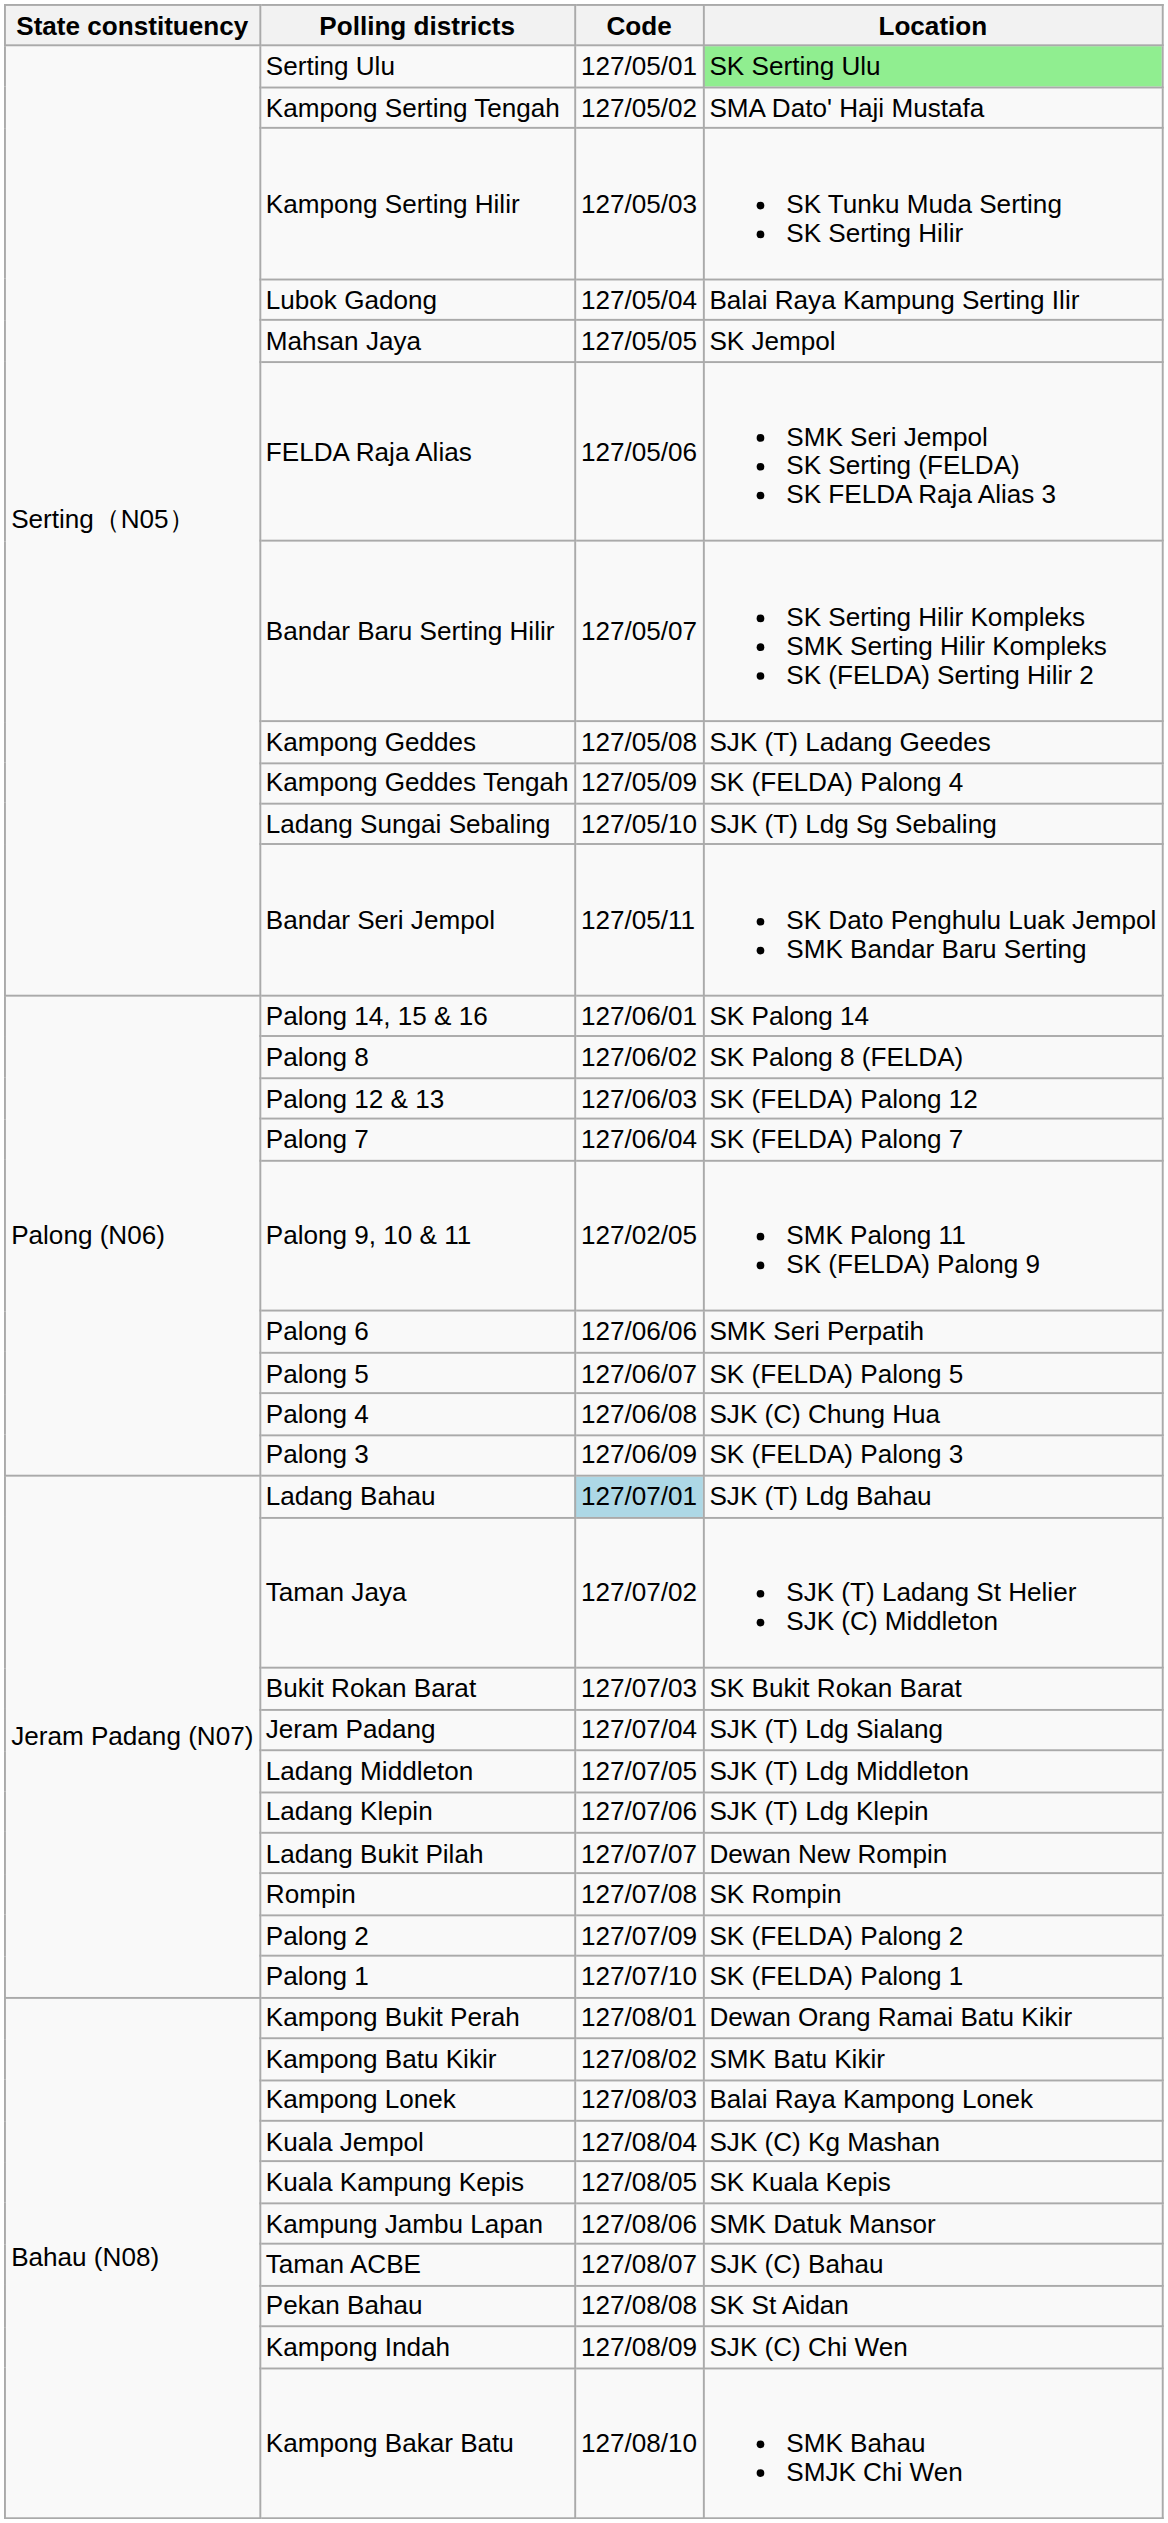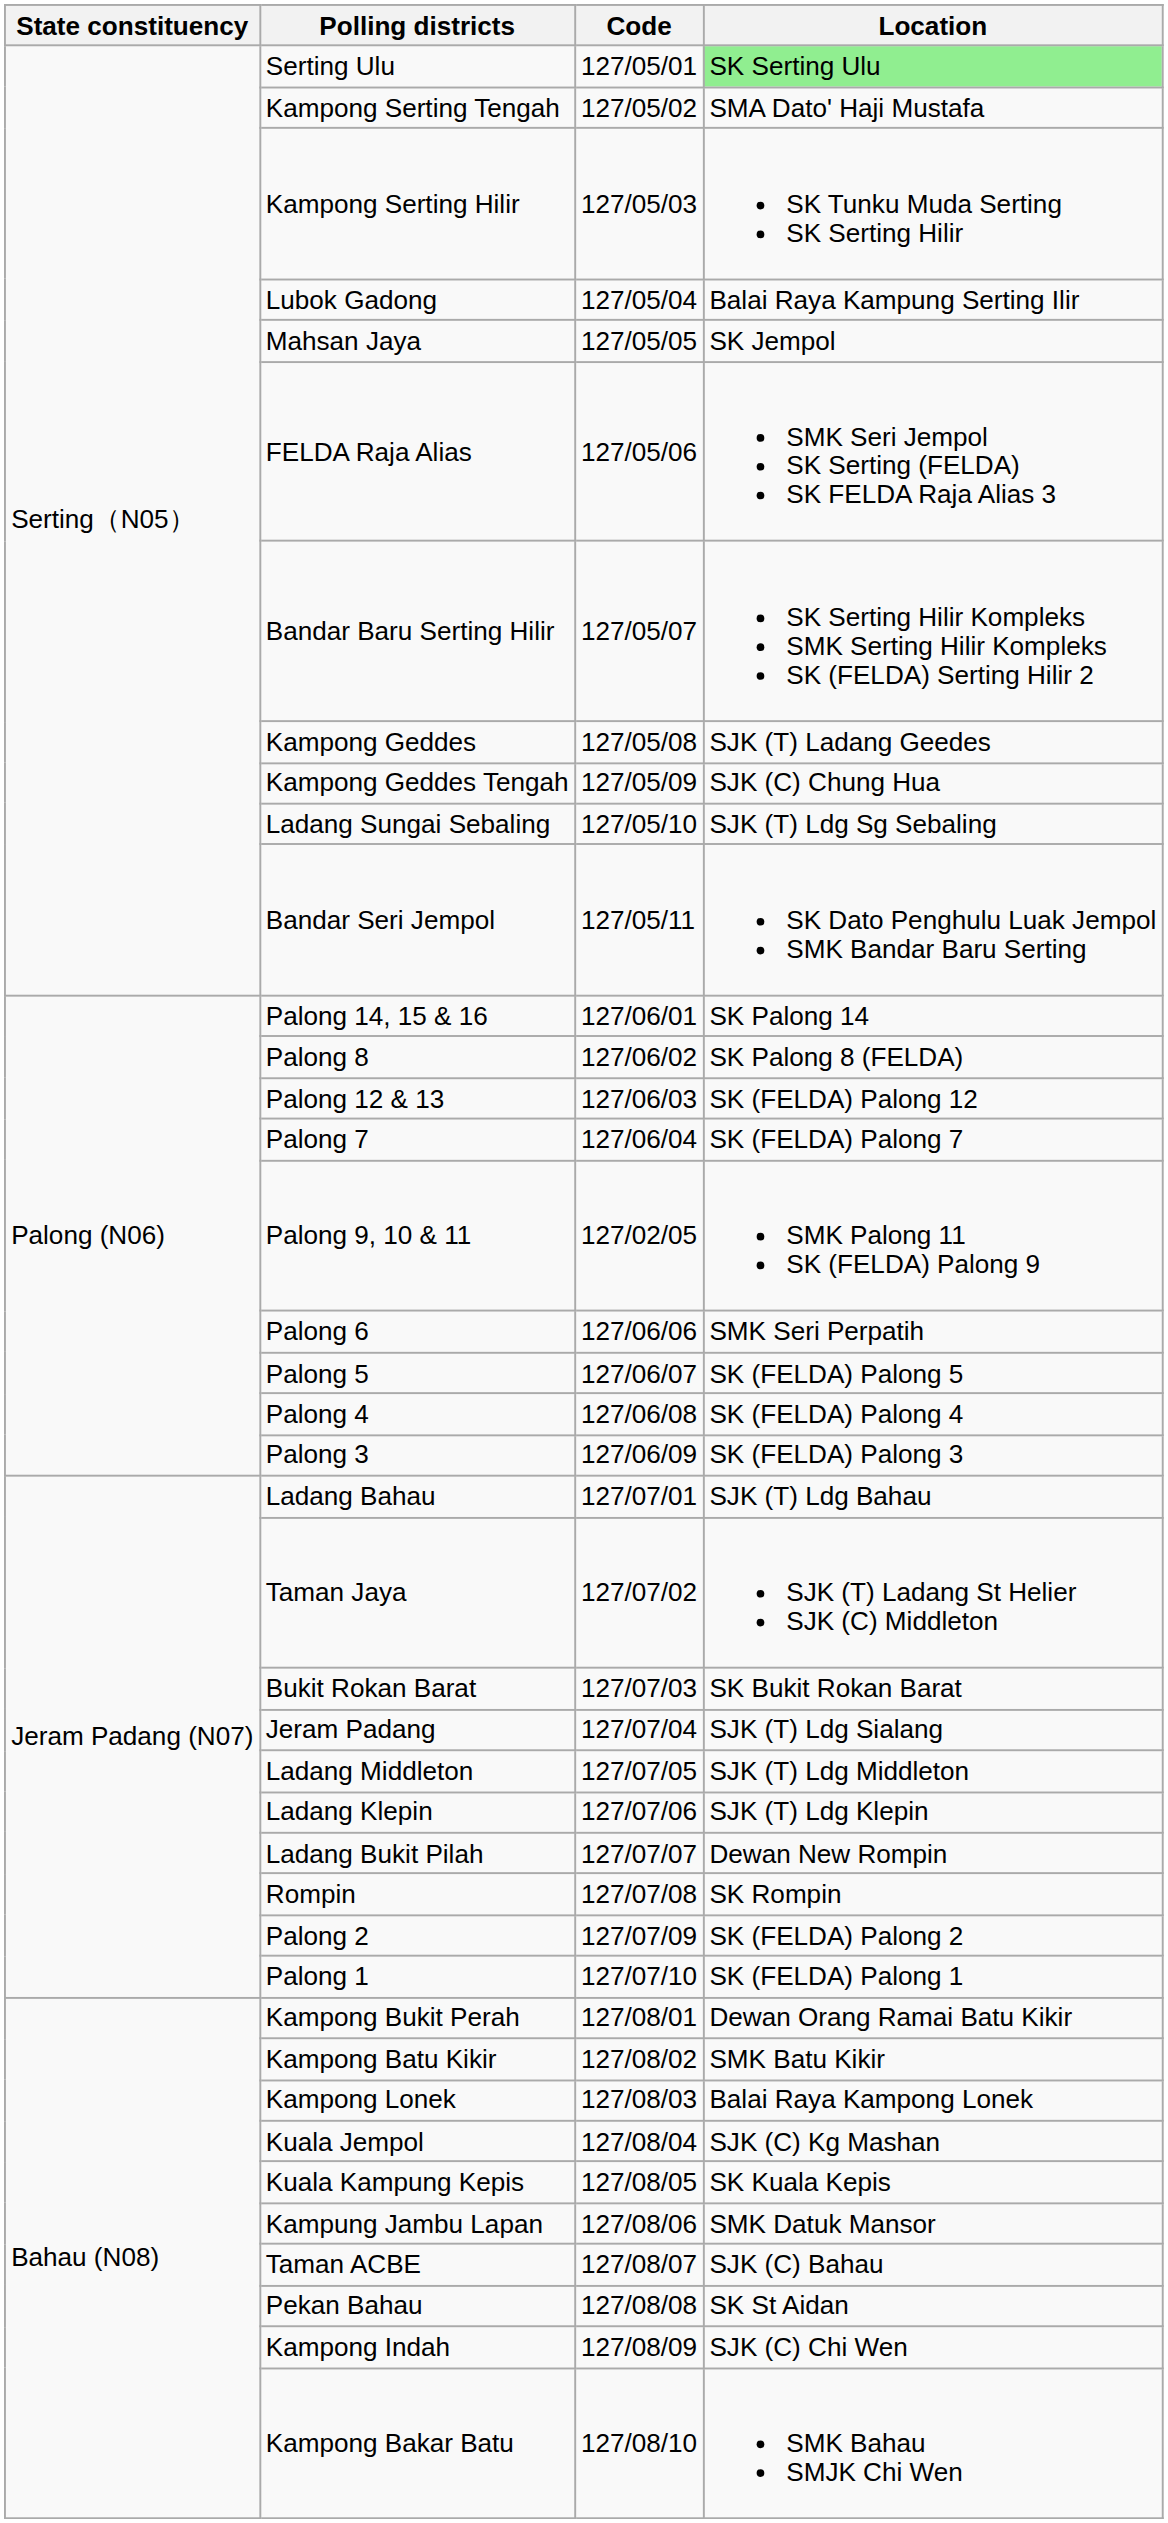 <table class="wikitable sortable mw-collapsible" style="white-space:nowrap;font-size:85%">
 <tr>
 <th>State constituency</th>
 <th>Polling districts</th>
 <th>Code</th>
 <th>Location</th>
 </tr>
 <tr>
 <td rowspan="11">Serting（N05）</td>
 <td>Serting Ulu</td>
 <td>127/05/01</td>
 <td style="background: lightgreen;">SK Serting Ulu</td>
 </tr>
 <tr>
 <td>Kampong Serting Tengah</td>
 <td>127/05/02</td>
 <td>SMA Dato' Haji Mustafa</td>
 </tr>
 <tr>
 <td>Kampong Serting Hilir</td>
 <td>127/05/03</td>
 <td><br><ul><li>SK Tunku Muda Serting</li><li>SK Serting Hilir</li></ul></td>
 </tr>
 <tr>
 <td>Lubok Gadong</td>
 <td>127/05/04</td>
 <td>Balai Raya Kampung Serting Ilir</td>
 </tr>
 <tr>
 <td>Mahsan Jaya</td>
 <td>127/05/05</td>
 <td>SK Jempol</td>
 </tr>
 <tr>
 <td>FELDA Raja Alias</td>
 <td>127/05/06</td>
 <td><br><ul><li>SMK Seri Jempol</li><li>SK Serting (FELDA)</li><li>SK FELDA Raja Alias 3</li></ul></td>
 </tr>
 <tr>
 <td>Bandar Baru Serting Hilir</td>
 <td>127/05/07</td>
 <td><br><ul><li>SK Serting Hilir Kompleks</li><li>SMK Serting Hilir Kompleks</li><li>SK (FELDA) Serting Hilir 2</li></ul></td>
 </tr>
 <tr>
 <td>Kampong Geddes</td>
 <td>127/05/08</td>
 <td>SJK (T) Ladang Geedes</td>
 </tr>
 <tr>
 <td>Kampong Geddes Tengah</td>
 <td>127/05/09</td>
-<td>SK (FELDA) Palong 4</td>
+<td>SJK (C) Chung Hua</td>
 </tr>
 <tr>
 <td>Ladang Sungai Sebaling</td>
 <td>127/05/10</td>
 <td>SJK (T) Ldg Sg Sebaling</td>
 </tr>
 <tr>
 <td>Bandar Seri Jempol</td>
 <td>127/05/11</td>
 <td><br><ul><li>SK Dato Penghulu Luak Jempol</li><li>SMK Bandar Baru Serting</li></ul></td>
 </tr>
 <tr>
 <td rowspan="9">Palong (N06)</td>
 <td>Palong 14, 15 & 16</td>
 <td>127/06/01</td>
 <td>SK Palong 14</td>
 </tr>
 <tr>
 <td>Palong 8</td>
 <td>127/06/02</td>
 <td>SK Palong 8 (FELDA)</td>
 </tr>
 <tr>
 <td>Palong 12 & 13</td>
 <td>127/06/03</td>
 <td>SK (FELDA) Palong 12</td>
 </tr>
 <tr>
 <td>Palong 7</td>
 <td>127/06/04</td>
 <td>SK (FELDA) Palong 7</td>
 </tr>
 <tr>
 <td>Palong 9, 10 & 11</td>
 <td>127/02/05</td>
 <td><br><ul><li>SMK Palong 11</li><li>SK (FELDA) Palong 9</li></ul></td>
 </tr>
 <tr>
 <td>Palong 6</td>
 <td>127/06/06</td>
 <td>SMK Seri Perpatih</td>
 </tr>
 <tr>
 <td>Palong 5</td>
 <td>127/06/07</td>
 <td>SK (FELDA) Palong 5</td>
 </tr>
 <tr>
 <td>Palong 4</td>
 <td>127/06/08</td>
-<td>SJK (C) Chung Hua</td>
+<td>SK (FELDA) Palong 4</td>
 </tr>
 <tr>
 <td>Palong 3</td>
 <td>127/06/09</td>
 <td>SK (FELDA) Palong 3</td>
 </tr>
 <tr>
 <td rowspan="10">Jeram Padang (N07)</td>
 <td>Ladang Bahau</td>
-<td style="background: lightblue;">127/07/01</td>
+<td>127/07/01</td>
 <td>SJK (T) Ldg Bahau</td>
 </tr>
 <tr>
 <td>Taman Jaya</td>
 <td>127/07/02</td>
 <td><br><ul><li>SJK (T) Ladang St Helier</li><li>SJK (C) Middleton</li></ul></td>
 </tr>
 <tr>
 <td>Bukit Rokan Barat</td>
 <td>127/07/03</td>
 <td>SK Bukit Rokan Barat</td>
 </tr>
 <tr>
 <td>Jeram Padang</td>
 <td>127/07/04</td>
 <td>SJK (T) Ldg Sialang</td>
 </tr>
 <tr>
 <td>Ladang Middleton</td>
 <td>127/07/05</td>
 <td>SJK (T) Ldg Middleton</td>
 </tr>
 <tr>
 <td>Ladang Klepin</td>
 <td>127/07/06</td>
 <td>SJK (T) Ldg Klepin</td>
 </tr>
 <tr>
 <td>Ladang Bukit Pilah</td>
 <td>127/07/07</td>
 <td>Dewan New Rompin</td>
 </tr>
 <tr>
 <td>Rompin</td>
 <td>127/07/08</td>
 <td>SK Rompin</td>
 </tr>
 <tr>
 <td>Palong 2</td>
 <td>127/07/09</td>
 <td>SK (FELDA) Palong 2</td>
 </tr>
 <tr>
 <td>Palong 1</td>
 <td>127/07/10</td>
 <td>SK (FELDA) Palong 1</td>
 </tr>
 <tr>
 <td rowspan="10">Bahau (N08)</td>
 <td>Kampong Bukit Perah</td>
 <td>127/08/01</td>
 <td>Dewan Orang Ramai Batu Kikir</td>
 </tr>
 <tr>
 <td>Kampong Batu Kikir</td>
 <td>127/08/02</td>
 <td>SMK Batu Kikir</td>
 </tr>
 <tr>
 <td>Kampong Lonek</td>
 <td>127/08/03</td>
 <td>Balai Raya Kampong Lonek</td>
 </tr>
 <tr>
 <td>Kuala Jempol</td>
 <td>127/08/04</td>
 <td>SJK (C) Kg Mashan</td>
 </tr>
 <tr>
 <td>Kuala Kampung Kepis</td>
 <td>127/08/05</td>
 <td>SK Kuala Kepis</td>
 </tr>
 <tr>
 <td>Kampung Jambu Lapan</td>
 <td>127/08/06</td>
 <td>SMK Datuk Mansor</td>
 </tr>
 <tr>
 <td>Taman ACBE</td>
 <td>127/08/07</td>
 <td>SJK (C) Bahau</td>
 </tr>
 <tr>
 <td>Pekan Bahau</td>
 <td>127/08/08</td>
 <td>SK St Aidan</td>
 </tr>
 <tr>
 <td>Kampong Indah</td>
 <td>127/08/09</td>
 <td>SJK (C) Chi Wen</td>
 </tr>
 <tr>
 <td>Kampong Bakar Batu</td>
 <td>127/08/10</td>
 <td><br><ul><li>SMK Bahau</li><li>SMJK Chi Wen</li></ul></td>
 </tr>
 </table>
